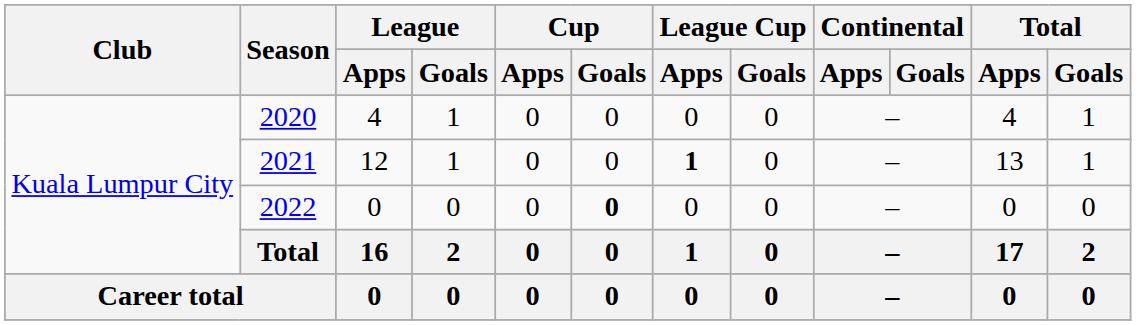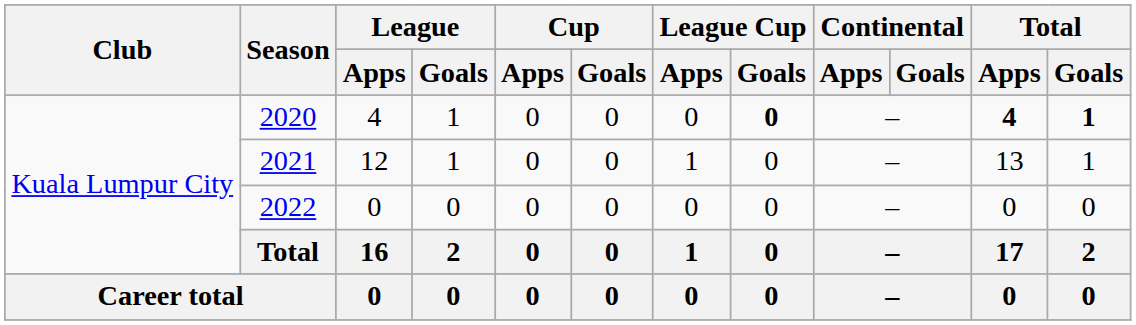 <table class=wikitable style=text-align:center>
 <tr>
 <th rowspan="2">Club</th>
 <th rowspan="2">Season</th>
 <th colspan="2">League</th>
 <th colspan="2">Cup</th>
 <th colspan="2">League Cup</th>
 <th colspan="2">Continental</th>
 <th colspan="2">Total</th>
 </tr>
 <tr>
 <th>Apps</th>
 <th>Goals</th>
 <th>Apps</th>
 <th>Goals</th>
 <th>Apps</th>
 <th>Goals</th>
 <th>Apps</th>
 <th>Goals</th>
 <th>Apps</th>
 <th>Goals</th>
 </tr>
 <tr>
 <td rowspan="4" valign="center"><a href='#'>Kuala Lumpur City</a></td>
 <td><a href='#'>2020</a></td>
 <td>4</td>
 <td>1</td>
 <td>0</td>
 <td>0</td>
 <td>0</td>
-<td>0</td>
+<td><strong>0</strong></td>
 <td colspan="2">–</td>
-<td>4</td>
-<td>1</td>
+<td><strong>4</strong></td>
+<td><strong>1</strong></td>
 </tr>
 <tr>
 <td><a href='#'>2021</a></td>
 <td>12</td>
 <td>1</td>
 <td>0</td>
 <td>0</td>
-<td><strong>1</strong></td>
+<td>1</td>
 <td>0</td>
 <td colspan="2">–</td>
 <td>13</td>
 <td>1</td>
 </tr>
 <tr>
 <td><a href='#'>2022</a></td>
 <td>0</td>
 <td>0</td>
 <td>0</td>
-<td><strong>0</strong></td>
+<td>0</td>
 <td>0</td>
 <td>0</td>
 <td colspan="2">–</td>
 <td>0</td>
 <td>0</td>
 </tr>
 <tr>
 <th>Total</th>
 <th>16</th>
 <th>2</th>
 <th>0</th>
 <th>0</th>
 <th>1</th>
 <th>0</th>
 <th colspan="2">–</th>
 <th>17</th>
 <th>2</th>
 </tr>
 <tr>
 <th colspan=2>Career total</th>
 <th>0</th>
 <th>0</th>
 <th>0</th>
 <th>0</th>
 <th>0</th>
 <th>0</th>
 <th colspan="2">–</th>
 <th>0</th>
 <th>0</th>
 </tr>
 </table>
